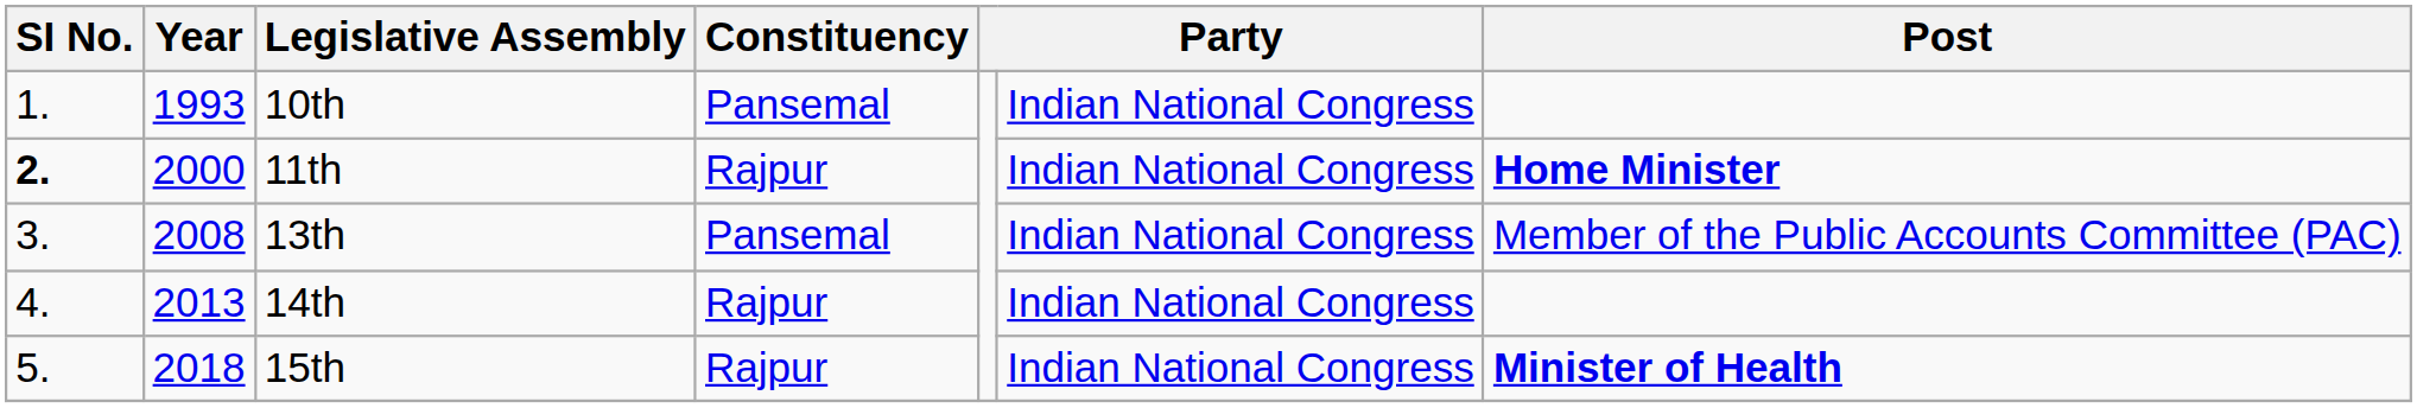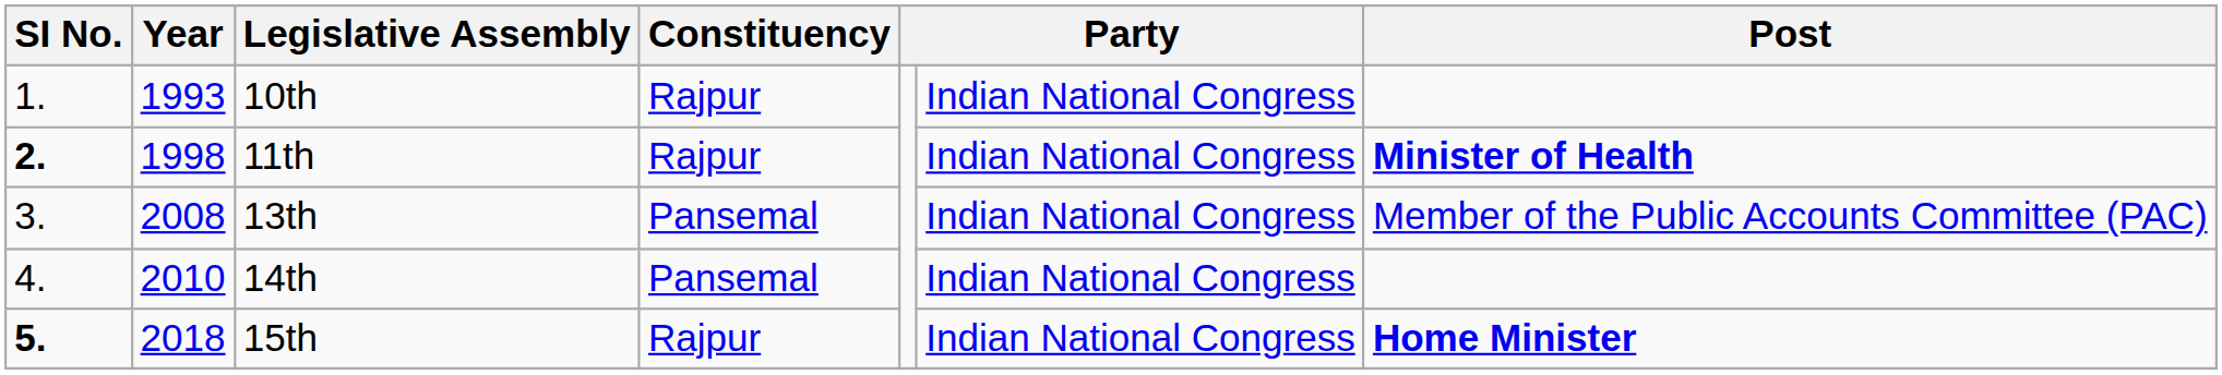 <table class ="wikitable">
 <tr>
 <th>SI No.</th>
 <th>Year</th>
 <th>Legislative Assembly</th>
 <th>Constituency</th>
 <th colspan="2">Party</th>
 <th>Post</th>
 </tr>
 <tr>
 <td>1.</td>
 <td><a href='#'>1993</a></td>
 <td>10th</td>
-<td><a href='#'>Pansemal</a></td>
+<td><a href='#'>Rajpur</a></td>
 <td rowspan="5" style="background-color: "></td>
 <td><a href='#'>Indian National Congress</a></td>
 <td></td>
 </tr>
 <tr>
 <td><strong>2.</strong></td>
-<td><a href='#'>2000</a></td>
+<td><a href='#'>1998</a></td>
 <td>11th</td>
 <td><a href='#'>Rajpur</a></td>
 <td><a href='#'>Indian National Congress</a></td>
-<td><strong><a href='#'>Home Minister</a></strong></td>
+<td><strong><a href='#'>Minister of Health</a></strong></td>
 </tr>
 <tr>
 <td>3.</td>
 <td><a href='#'>2008</a></td>
 <td>13th</td>
 <td><a href='#'>Pansemal</a></td>
 <td><a href='#'>Indian National Congress</a></td>
 <td><a href='#'>Member of the Public Accounts Committee (PAC)</a></td>
 </tr>
 <tr>
 <td>4.</td>
-<td><a href='#'>2013</a></td>
+<td><a href='#'>2010</a></td>
 <td>14th</td>
-<td><a href='#'>Rajpur</a></td>
+<td><a href='#'>Pansemal</a></td>
 <td><a href='#'>Indian National Congress</a></td>
 </tr>
 <tr>
-<td>5.</td>
+<td><strong>5.</strong></td>
 <td><a href='#'>2018</a></td>
 <td>15th</td>
 <td><a href='#'>Rajpur</a></td>
 <td><a href='#'>Indian National Congress</a></td>
-<td><strong><a href='#'>Minister of Health</a></strong></td>
+<td><strong><a href='#'>Home Minister</a></strong></td>
 </tr>
 <tr>
 </tr>
 </table>
